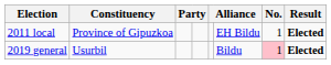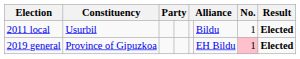 <table class="wikitable" style="text-align:left;">
 <tr>
 <th scope=col>Election</th>
 <th scope=col>Constituency</th>
 <th scope=col colspan="2">Party</th>
 <th scope=col colspan="2">Alliance</th>
 <th scope=col>No.</th>
 <th scope=col>Result</th>
 </tr>
 <tr>
 <td><a href='#'>2011 local</a></td>
+<td><a href='#'>Usurbil</a></td>
+<td></td>
+<td></td>
+<td style="background:"></td>
+<td><a href='#'>Bildu</a></td>
+<td align=right>1</td>
+<td><strong>Elected</strong></td>
+</tr>
+<tr>
+<td><a href='#'>2019 general</a></td>
 <td><a href='#'>Province of Gipuzkoa</a></td>
 <td></td>
 <td></td>
 <td style="background:"></td>
 <td><a href='#'>EH Bildu</a></td>
-<td align=right>1</td>
-<td><strong>Elected</strong></td>
-</tr>
-<tr>
-<td><a href='#'>2019 general</a></td>
-<td><a href='#'>Usurbil</a></td>
-<td></td>
-<td></td>
-<td style="background:"></td>
-<td><a href='#'>Bildu</a></td>
 <td align=right style="background: pink;">1</td>
 <td><strong>Elected</strong></td>
 </tr>
 </table>
